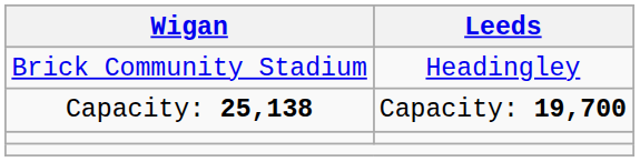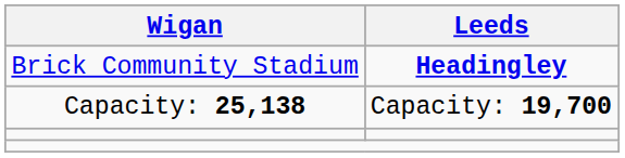 <table class="wikitable" style="text-align:center">
 <tr>
 <th><a href='#'>Wigan</a></th>
 <th><a href='#'>Leeds</a></th>
 </tr>
 <tr>
 <td><a href='#'>Brick Community Stadium</a></td>
-<td><a href='#'>Headingley</a></td>
+<td><strong><a href='#'>Headingley</a></strong></td>
 </tr>
 <tr>
 <td>Capacity: <strong>25,138</strong></td>
 <td>Capacity: <strong>19,700</strong></td>
 </tr>
 <tr>
 <td></td>
 <td></td>
 </tr>
 <tr>
 <td colspan=2></td>
 </tr>
 </table>
